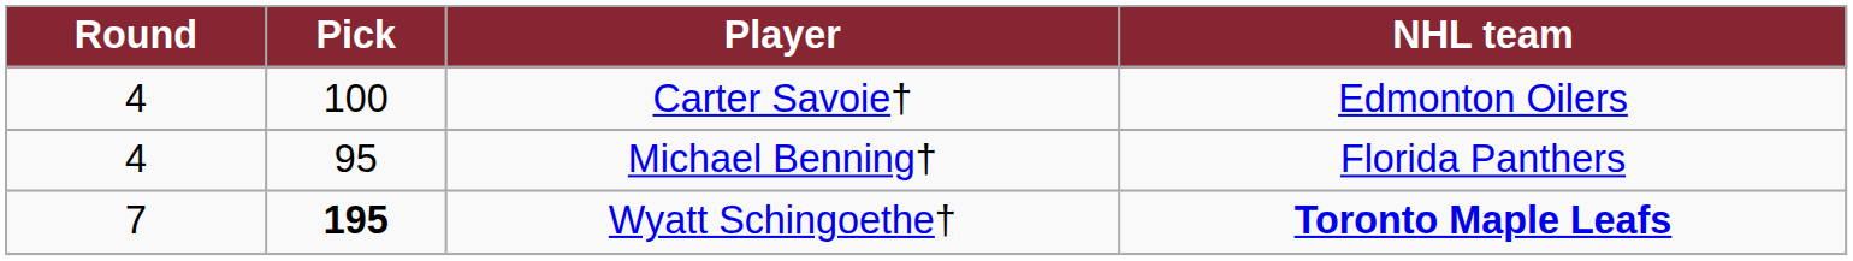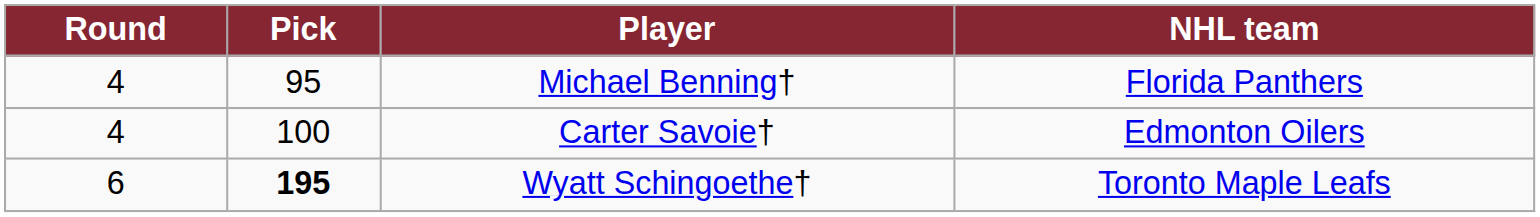 <table class="wikitable" width="60%">
 <tr>
 <th style="color:white; background:#862633; ">Round</th>
 <th style="color:white; background:#862633; ">Pick</th>
 <th style="color:white; background:#862633; ">Player</th>
 <th style="color:white; background:#862633; ">NHL team</th>
 </tr>
 <tr align="center" bgcolor="">
 <td>4</td>
+<td>95</td>
+<td><a href='#'>Michael Benning</a>†</td>
+<td><a href='#'>Florida Panthers</a></td>
+</tr>
+<tr align="center" bgcolor="">
+<td>4</td>
 <td>100</td>
 <td><a href='#'>Carter Savoie</a>†</td>
 <td><a href='#'>Edmonton Oilers</a></td>
 </tr>
 <tr align="center" bgcolor="">
-<td>4</td>
-<td>95</td>
-<td><a href='#'>Michael Benning</a>†</td>
-<td><a href='#'>Florida Panthers</a></td>
-</tr>
-<tr align="center" bgcolor="">
-<td>7</td>
+<td>6</td>
 <td><strong>195</strong></td>
 <td><a href='#'>Wyatt Schingoethe</a>†</td>
-<td><strong><a href='#'>Toronto Maple Leafs</a></strong></td>
+<td><a href='#'>Toronto Maple Leafs</a></td>
 </tr>
 </table>
